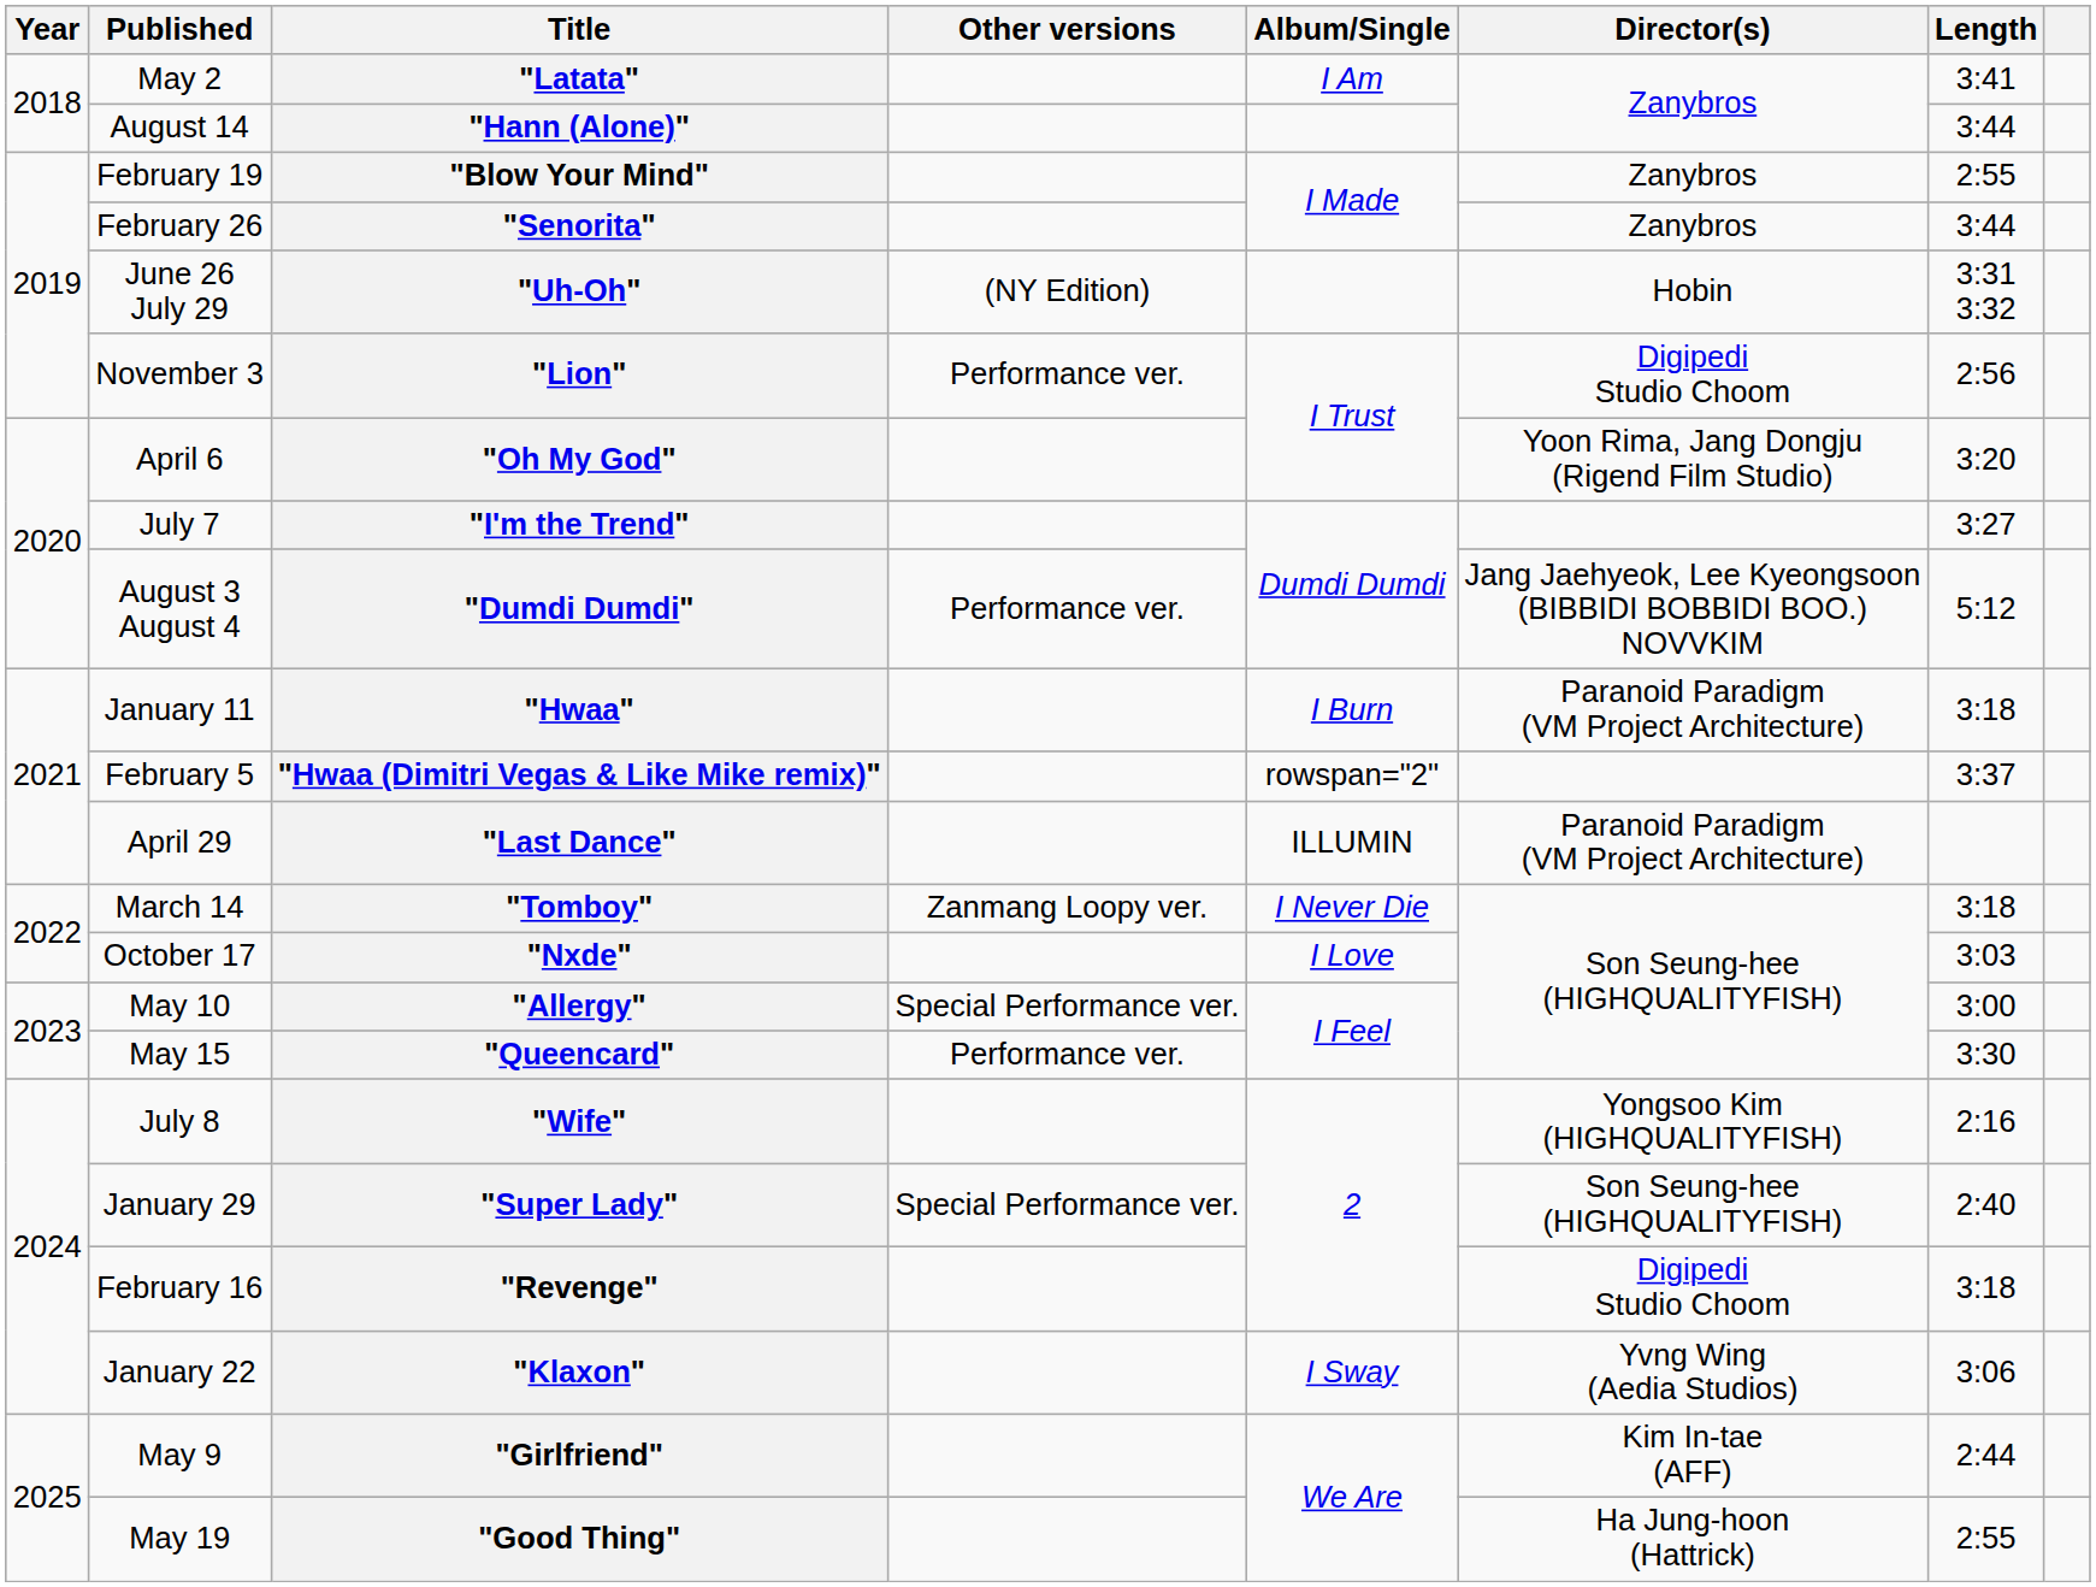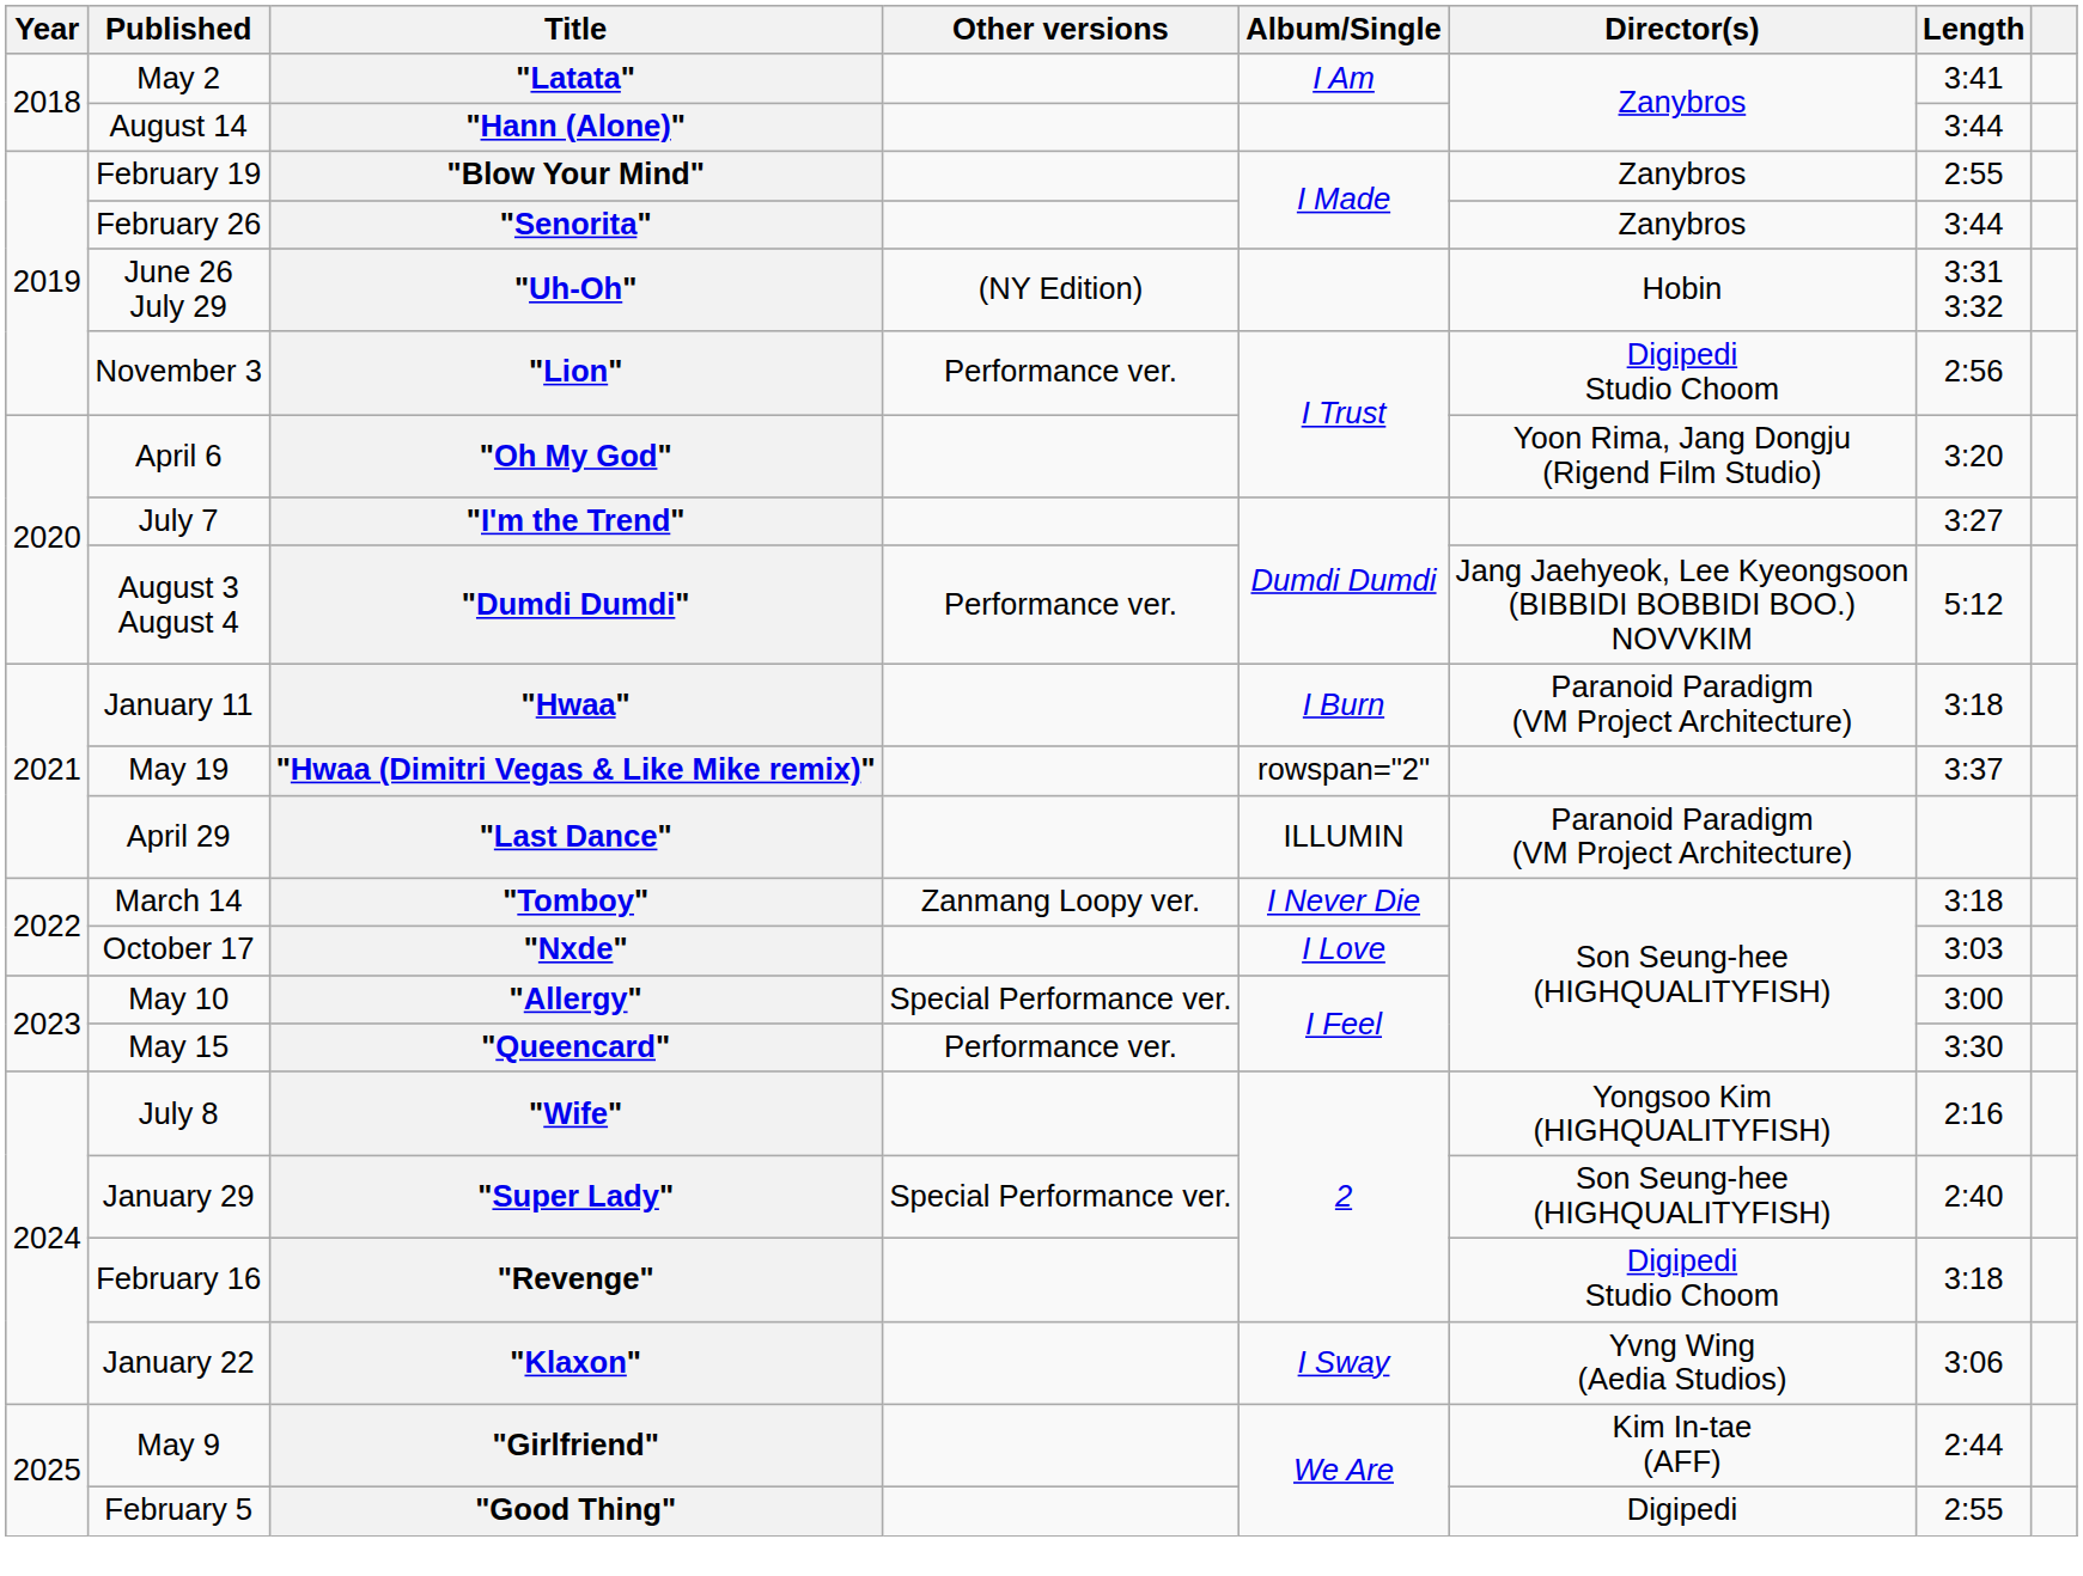 <table class="wikitable plainrowheaders" style="text-align:center">
 <tr>
 <th scope="col">Year</th>
 <th scope="col">Published</th>
 <th scope="col">Title</th>
 <th scope="col">Other versions</th>
 <th scope="col">Album/Single</th>
 <th scope="col">Director(s)</th>
 <th scope="col">Length</th>
 <th scope="col" style="width:1em"></th>
 </tr>
 <tr>
 <td rowspan="2">2018</td>
 <td>May 2</td>
 <th scope="row">"<a href='#'>Latata</a>"</th>
 <td></td>
 <td><em><a href='#'>I Am</a></em></td>
 <td rowspan="2"><a href='#'>Zanybros</a></td>
 <td>3:41</td>
 <td></td>
 </tr>
 <tr>
 <td>August 14</td>
 <th scope="row">"<a href='#'>Hann (Alone)</a>"</th>
 <td></td>
 <td></td>
 <td>3:44</td>
 <td></td>
 </tr>
 <tr>
 <td rowspan="4">2019</td>
 <td>February 19</td>
 <th scope="row">"Blow Your Mind"</th>
 <td></td>
 <td rowspan="2"><em><a href='#'>I Made</a></em></td>
 <td>Zanybros</td>
 <td>2:55</td>
 <td></td>
 </tr>
 <tr>
 <td>February 26</td>
 <th scope="row">"<a href='#'>Senorita</a>"</th>
 <td></td>
 <td>Zanybros</td>
 <td>3:44</td>
 <td></td>
 </tr>
 <tr>
 <td>June 26<br>July 29</td>
 <th scope="row">"<a href='#'>Uh-Oh</a>"</th>
 <td>(NY Edition)</td>
 <td></td>
 <td>Hobin</td>
 <td>3:31<br>3:32</td>
 <td></td>
 </tr>
 <tr>
 <td>November 3</td>
 <th scope="row">"<a href='#'>Lion</a>"</th>
 <td>Performance ver.</td>
 <td rowspan="2"><em><a href='#'>I Trust</a></em></td>
 <td><a href='#'>Digipedi</a><br>Studio Choom</td>
 <td>2:56</td>
 <td></td>
 </tr>
 <tr>
 <td rowspan="3">2020</td>
 <td>April 6</td>
 <th scope="row">"<a href='#'>Oh My God</a>"</th>
 <td></td>
 <td>Yoon Rima, Jang Dongju<br>(Rigend Film Studio)</td>
 <td>3:20</td>
 <td></td>
 </tr>
 <tr>
 <td>July 7</td>
 <th scope="row">"<a href='#'>I'm the Trend</a>"</th>
 <td></td>
 <td rowspan="2"><em><a href='#'>Dumdi Dumdi</a></em></td>
 <td></td>
 <td>3:27</td>
 <td></td>
 </tr>
 <tr>
 <td>August 3<br>August 4</td>
 <th scope="row">"<a href='#'>Dumdi Dumdi</a>"</th>
 <td>Performance ver.</td>
 <td>Jang Jaehyeok, Lee Kyeongsoon<br>(BIBBIDI BOBBIDI BOO.)<br>NOVVKIM</td>
 <td>5:12</td>
 <td></td>
 </tr>
 <tr>
 <td rowspan="3">2021</td>
 <td>January 11</td>
 <th scope="row">"<a href='#'>Hwaa</a>"</th>
 <td></td>
 <td><em><a href='#'>I Burn</a></em></td>
 <td>Paranoid Paradigm<br>(VM Project Architecture)</td>
 <td>3:18</td>
 <td></td>
 </tr>
 <tr>
-<td>February 5</td>
+<td>May 19</td>
 <th scope="row">"<a href='#'>Hwaa (Dimitri Vegas & Like Mike remix)</a>"</th>
 <td></td>
 <td>rowspan="2" </td>
 <td></td>
 <td>3:37</td>
 <td></td>
 </tr>
 <tr>
 <td>April 29</td>
 <th scope="row">"<a href='#'>Last Dance</a>"</th>
 <td></td>
 <td>ILLUMIN</td>
 <td>Paranoid Paradigm<br>(VM Project Architecture)</td>
 <td></td>
 </tr>
 <tr>
 <td rowspan="2">2022</td>
 <td>March 14</td>
 <th scope="row">"<a href='#'>Tomboy</a>"</th>
 <td>Zanmang Loopy ver.</td>
 <td><em><a href='#'>I Never Die</a></em></td>
 <td rowspan="4">Son Seung-hee<br>(HIGHQUALITYFISH)</td>
 <td>3:18</td>
 <td></td>
 </tr>
 <tr>
 <td>October 17</td>
 <th scope="row">"<a href='#'>Nxde</a>"</th>
 <td></td>
 <td><em><a href='#'>I Love</a></em></td>
 <td>3:03</td>
 <td></td>
 </tr>
 <tr>
 <td rowspan="2">2023</td>
 <td>May 10</td>
 <th scope="row">"<a href='#'>Allergy</a>"</th>
 <td>Special Performance ver.</td>
 <td rowspan="2"><em><a href='#'>I Feel</a></em></td>
 <td>3:00</td>
 <td></td>
 </tr>
 <tr>
 <td>May 15</td>
 <th scope="row">"<a href='#'>Queencard</a>"</th>
 <td>Performance ver.</td>
 <td>3:30</td>
 <td></td>
 </tr>
 <tr>
 <td rowspan="4">2024</td>
 <td>July 8</td>
 <th scope="row">"<a href='#'>Wife</a>"</th>
 <td></td>
 <td rowspan="3"><em><a href='#'>2</a></em></td>
 <td>Yongsoo Kim<br>(HIGHQUALITYFISH)</td>
 <td>2:16</td>
 <td></td>
 </tr>
 <tr>
 <td>January 29</td>
 <th scope="row">"<a href='#'>Super Lady</a>"</th>
 <td>Special Performance ver.</td>
 <td>Son Seung-hee<br>(HIGHQUALITYFISH)</td>
 <td>2:40</td>
 <td></td>
 </tr>
 <tr>
 <td>February 16</td>
 <th scope="row">"Revenge"</th>
 <td></td>
 <td><a href='#'>Digipedi</a><br>Studio Choom</td>
 <td>3:18</td>
 <td></td>
 </tr>
 <tr>
 <td>January 22</td>
 <th scope="row">"<a href='#'>Klaxon</a>"</th>
 <td></td>
 <td><em><a href='#'>I Sway</a></em></td>
 <td>Yvng Wing<br>(Aedia Studios)</td>
 <td>3:06</td>
 <td></td>
 </tr>
 <tr>
 <td rowspan="2">2025</td>
 <td>May 9</td>
 <th scope="row">"Girlfriend"</th>
 <td></td>
 <td rowspan="2"><em><a href='#'>We Are</a></em></td>
 <td>Kim In-tae<br>(AFF)</td>
 <td>2:44</td>
 <td></td>
 </tr>
 <tr>
-<td>May 19</td>
+<td>February 5</td>
 <th scope="row">"Good Thing"</th>
 <td></td>
-<td>Ha Jung-hoon<br>(Hattrick)</td>
+<td>Digipedi</td>
 <td>2:55</td>
 <td></td>
 </tr>
 </table>
